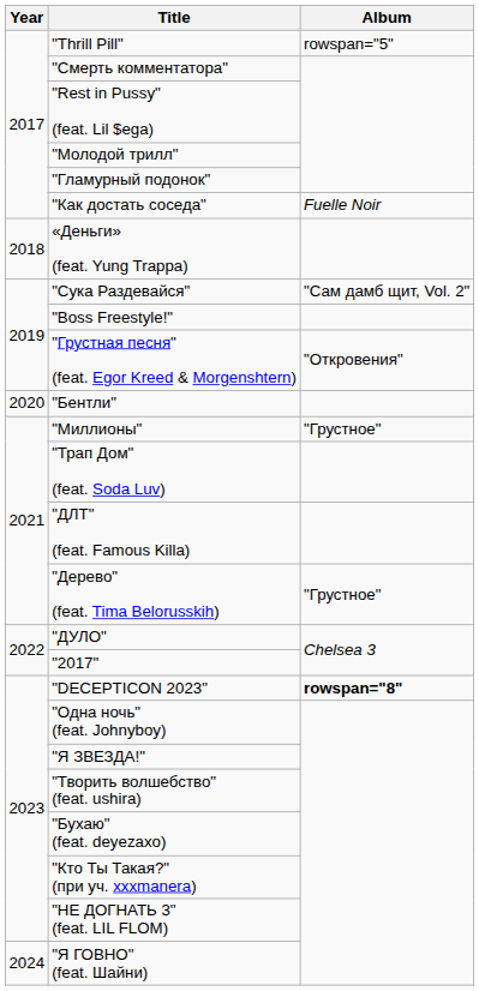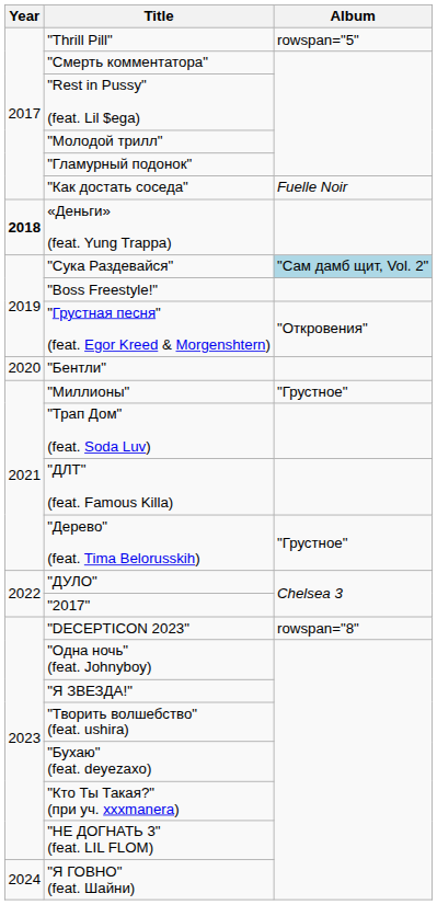 <table class="wikitable">
 <tr>
 <th>Year</th>
 <th>Title</th>
 <th>Album</th>
 </tr>
 <tr>
 <td rowspan="6">2017</td>
 <td>"Thrill Pill"</td>
 <td>rowspan="5" </td>
 </tr>
 <tr>
 <td>"Смерть комментатора"</td>
 </tr>
 <tr>
 <td>"Rest in Pussy"<br><br>(feat. Lil $ega)</td>
 </tr>
 <tr>
 <td>"Молодой трилл"</td>
 </tr>
 <tr>
 <td>"Гламурный подонок"</td>
 </tr>
 <tr>
 <td>"Как достать соседа"</td>
 <td><em>Fuelle Noir</em></td>
 </tr>
 <tr>
-<td>2018</td>
+<td><strong>2018</strong></td>
 <td>«Деньги»<br><br>(feat. Yung Trappa)</td>
 <td></td>
 </tr>
 <tr>
 <td rowspan="3">2019</td>
 <td>"Сука Раздевайся"</td>
-<td>"Сам дамб щит, Vol. 2"</td>
+<td style="background: lightblue;">"Сам дамб щит, Vol. 2"</td>
 </tr>
 <tr>
 <td>"Boss Freestyle!"</td>
 <td></td>
 </tr>
 <tr>
 <td>"<a href='#'>Грустная песня</a>"<br><br>(feat. <a href='#'>Egor Kreed</a> & <a href='#'>Morgenshtern</a>)</td>
 <td>"Откровения"</td>
 </tr>
 <tr>
 <td>2020</td>
 <td>"Бентли"</td>
 <td></td>
 </tr>
 <tr>
 <td rowspan="4">2021</td>
 <td>"Миллионы"</td>
 <td>"Грустное"</td>
 </tr>
 <tr>
 <td>"Трап Дом"<br><br>(feat. <a href='#'>Soda Luv</a>)</td>
 <td></td>
 </tr>
 <tr>
 <td>"ДЛТ"<br><br>(feat. Famous Killa)</td>
 <td></td>
 </tr>
 <tr>
 <td>"Дерево"<br><br>(feat. <a href='#'>Tima Belorusskih</a>)</td>
 <td>"Грустное"</td>
 </tr>
 <tr>
 <td rowspan="2">2022</td>
 <td>"ДУЛО"</td>
 <td rowspan="2"><em>Chelsea 3</em></td>
 </tr>
 <tr>
 <td>"2017"</td>
 </tr>
 <tr>
 <td rowspan="7">2023</td>
 <td>"DECEPTICON 2023"</td>
-<td><strong>rowspan="8" </strong></td>
+<td>rowspan="8" </td>
 </tr>
 <tr>
 <td>"Одна ночь"<br>(feat. Johnyboy)</td>
 </tr>
 <tr>
 <td>"Я ЗВЕЗДА!"</td>
 </tr>
 <tr>
 <td>"Творить волшебство"<br>(feat. ushira)</td>
 </tr>
 <tr>
 <td>"Бухаю"<br>(feat. deyezaxo)</td>
 </tr>
 <tr>
 <td>"Кто Ты Такая?"<br>(при уч. <a href='#'>xxxmanera</a>)</td>
 </tr>
 <tr>
 <td>"НЕ ДОГНАТЬ 3"<br>(feat. LIL FLOM)</td>
 </tr>
 <tr>
 <td>2024</td>
 <td>"Я ГОВНО"<br>(feat. Шайни)</td>
 </tr>
 </table>
